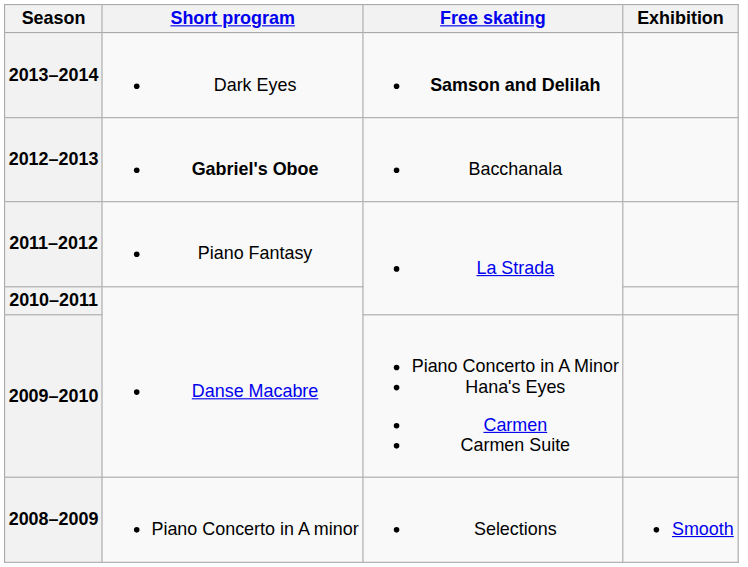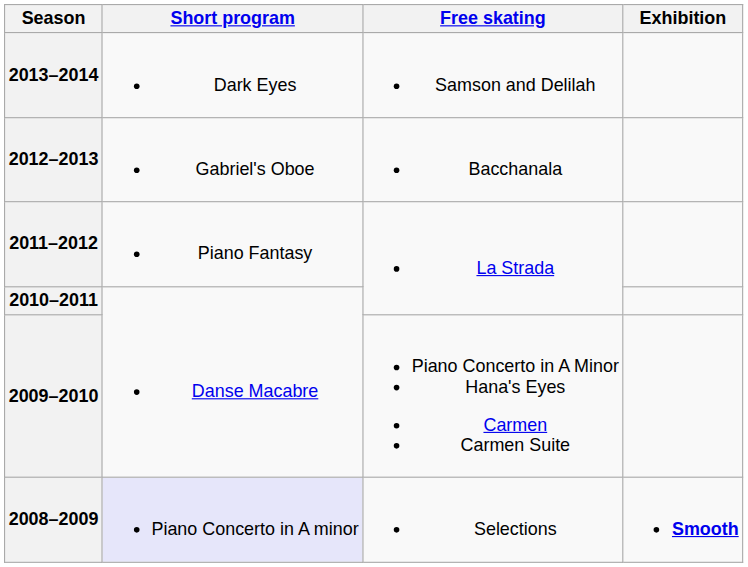 <table class="wikitable" style="text-align:center">
 <tr>
 <th>Season</th>
 <th><a href='#'>Short program</a></th>
 <th><a href='#'>Free skating</a></th>
 <th>Exhibition</th>
 </tr>
 <tr>
 <th>2013–2014 <br> </th>
 <td><br><ul><li>Dark Eyes <br></li></ul></td>
-<td><strong><br><ul><li>Samson and Delilah <br></li></ul></strong></td>
+<td><br><ul><li>Samson and Delilah <br></li></ul></td>
 <td></td>
 </tr>
 <tr>
 <th>2012–2013</th>
-<td><strong><br><ul><li>Gabriel's Oboe <br></li></ul></strong></td>
+<td><br><ul><li>Gabriel's Oboe <br></li></ul></td>
 <td><br><ul><li>Bacchanala <br></li></ul></td>
 <td></td>
 </tr>
 <tr>
 <th>2011–2012</th>
 <td><br><ul><li>Piano Fantasy <br></li></ul></td>
 <td rowspan=2><br><ul><li><a href='#'>La Strada</a> <br></li></ul></td>
 <td></td>
 </tr>
 <tr>
 <th>2010–2011 <br> </th>
 <td rowspan=2><br><ul><li><a href='#'>Danse Macabre</a> <br></li></ul></td>
 <td></td>
 </tr>
 <tr>
 <th>2009–2010 <br> </th>
 <td><br><ul><li>Piano Concerto in A Minor <br></li><li>Hana's Eyes <br></li></ul><ul><li><a href='#'>Carmen</a><br></li><li>Carmen Suite <br></li></ul></td>
 <td></td>
 </tr>
 <tr>
 <th>2008–2009 <br> </th>
-<td><br><ul><li>Piano Concerto in A minor <br></li></ul></td>
+<td style="background: lavender;"><br><ul><li>Piano Concerto in A minor <br></li></ul></td>
 <td><br><ul><li>Selections <br></li></ul></td>
-<td><br><ul><li><a href='#'>Smooth</a> <br></li></ul></td>
+<td><strong><br><ul><li><a href='#'>Smooth</a> <br></li></ul></strong></td>
 </tr>
 </table>
